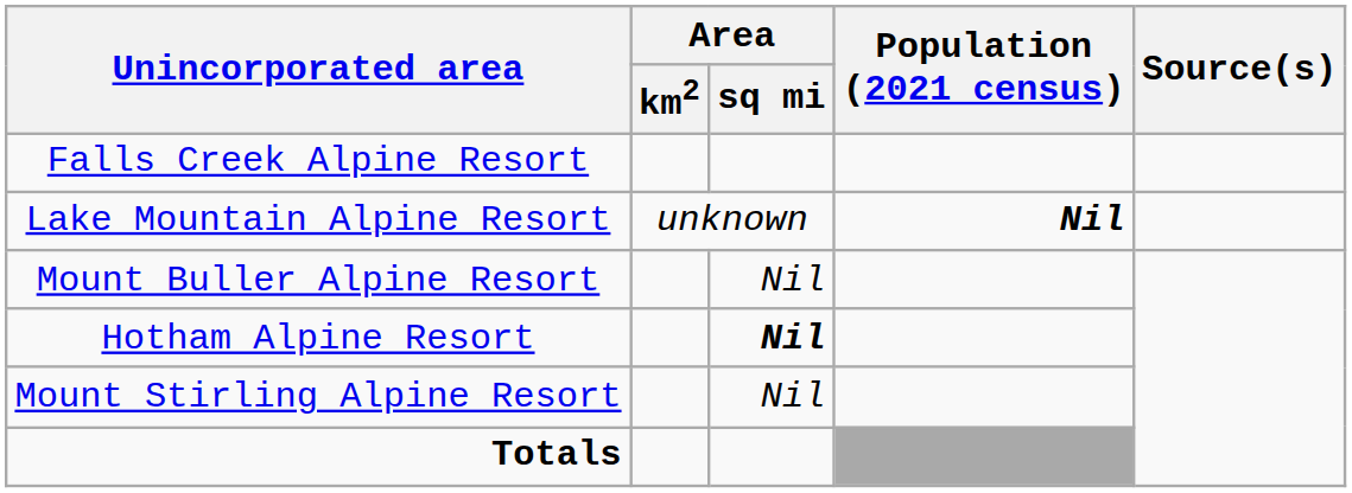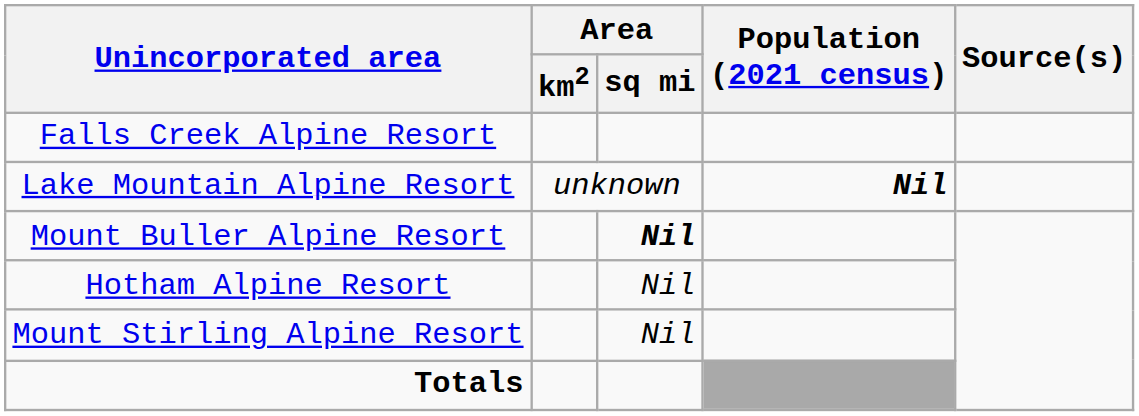 <table class="wikitable sortable plainrowheaders" style="text-align:center;">
 <tr>
 <th scope="col" rowspan="2"><a href='#'>Unincorporated area</a></th>
 <th scope="col" colspan="2">Area</th>
 <th scope="col" rowspan="2">Population<br>(<a href='#'>2021 census</a>)</th>
 <th scope="col" rowspan="2">Source(s)</th>
 </tr>
 <tr>
 <th scope="col">km<sup>2</sup></th>
 <th scope="col">sq mi</th>
 </tr>
 <tr>
 <td scope="row"><a href='#'>Falls Creek Alpine Resort</a></td>
 <td></td>
 <td align="right"></td>
 <td></td>
 </tr>
 <tr>
 <td scope="row"><a href='#'>Lake Mountain Alpine Resort</a></td>
 <td colspan=2><em>unknown</em></td>
 <td align="right"><strong><em>Nil</em></strong></td>
 <td></td>
 </tr>
 <tr>
 <td scope="row"><a href='#'>Mount Buller Alpine Resort</a></td>
 <td></td>
-<td align="right"><em>Nil</em></td>
+<td align="right"><strong><em>Nil</em></strong></td>
 <td></td>
 </tr>
 <tr>
 <td scope="row"><a href='#'>Hotham Alpine Resort</a></td>
 <td></td>
-<td align="right"><strong><em>Nil</em></strong></td>
+<td align="right"><em>Nil</em></td>
 <td></td>
 </tr>
 <tr>
 <td scope="row"><a href='#'>Mount Stirling Alpine Resort</a></td>
 <td></td>
 <td align="right"><em>Nil</em></td>
 <td></td>
 </tr>
 <tr style="font-weight:bold;">
 <td scope="row" align="right">Totals</td>
 <td></td>
 <td align="right"></td>
 <td style="background:darkgrey;"></td>
 </tr>
 </table>
